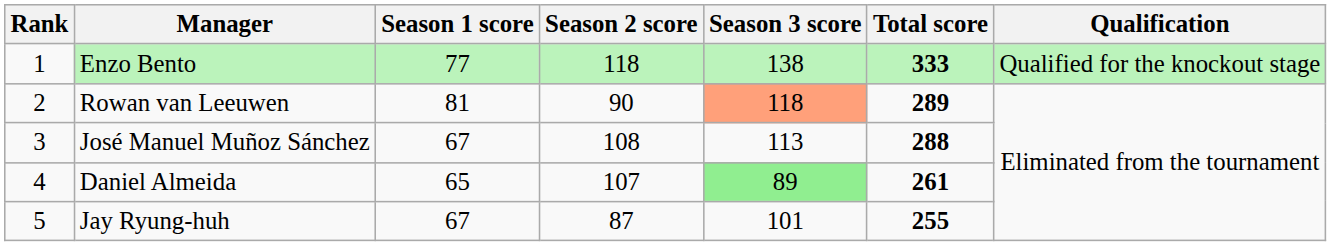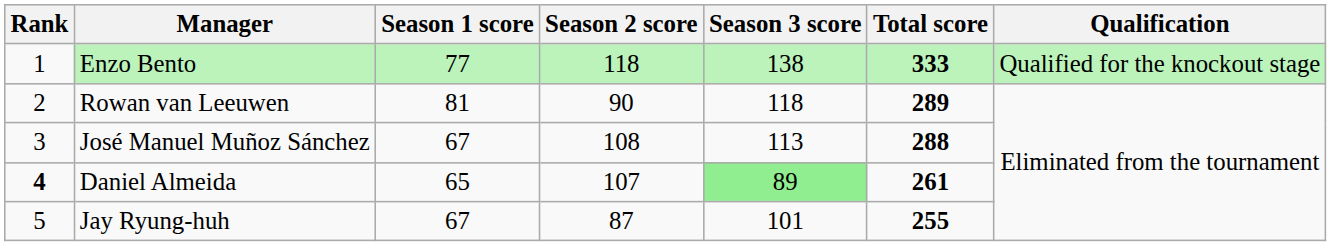 <table class="wikitable" style="text-align:center">
 <tr>
 <th>Rank</th>
 <th>Manager</th>
 <th>Season 1 score</th>
 <th>Season 2 score</th>
 <th>Season 3 score</th>
 <th>Total score</th>
 <th>Qualification</th>
 </tr>
 <tr>
 <td>1</td>
 <td align=left style="background:#BBF3BB"> Enzo Bento</td>
 <td style="background:#BBF3BB">77</td>
 <td style="background:#BBF3BB">118</td>
 <td style="background:#BBF3BB">138</td>
 <td style="background:#BBF3BB"><strong>333</strong></td>
 <td style="background:#BBF3BB">Qualified for the knockout stage</td>
 </tr>
 <tr>
 <td>2</td>
 <td align="left"> Rowan van Leeuwen</td>
 <td>81</td>
 <td>90</td>
-<td style="background: lightsalmon;">118</td>
+<td>118</td>
 <td><strong>289</strong></td>
 <td rowspan="4">Eliminated from the tournament</td>
 </tr>
 <tr>
 <td>3</td>
 <td align="left"> José Manuel Muñoz Sánchez</td>
 <td>67</td>
 <td>108</td>
 <td>113</td>
 <td><strong>288</strong></td>
 </tr>
 <tr>
-<td>4</td>
+<td><strong>4</strong></td>
 <td align="left"> Daniel Almeida</td>
 <td>65</td>
 <td>107</td>
 <td style="background: lightgreen;">89</td>
 <td><strong>261</strong></td>
 </tr>
 <tr>
 <td>5</td>
 <td align="left"> Jay Ryung-huh</td>
 <td>67</td>
 <td>87</td>
 <td>101</td>
 <td><strong>255</strong></td>
 </tr>
 </table>
